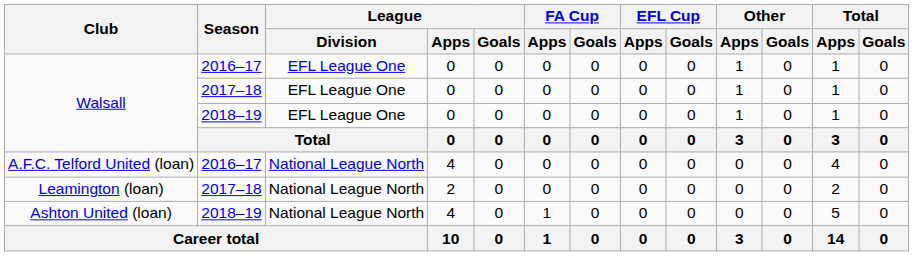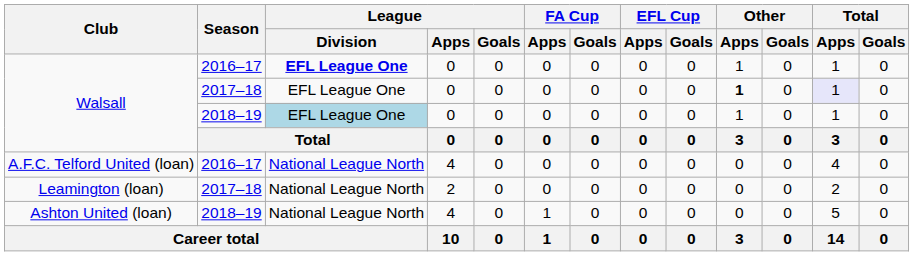 <table class="wikitable" style="text-align:center;">
 <tr>
 <th rowspan="2">Club</th>
 <th rowspan="2">Season</th>
 <th colspan="3">League</th>
 <th colspan="2"><a href='#'>FA Cup</a></th>
 <th colspan="2"><a href='#'>EFL Cup</a></th>
 <th colspan="2">Other</th>
 <th colspan="2">Total</th>
 </tr>
 <tr>
 <th>Division</th>
 <th>Apps</th>
 <th>Goals</th>
 <th>Apps</th>
 <th>Goals</th>
 <th>Apps</th>
 <th>Goals</th>
 <th>Apps</th>
 <th>Goals</th>
 <th>Apps</th>
 <th>Goals</th>
 </tr>
 <tr>
 <td rowspan="4" valign="center"><a href='#'>Walsall</a></td>
 <td><a href='#'>2016–17</a></td>
-<td><a href='#'>EFL League One</a></td>
+<td><strong><a href='#'>EFL League One</a></strong></td>
 <td>0</td>
 <td>0</td>
 <td>0</td>
 <td>0</td>
 <td>0</td>
 <td>0</td>
 <td>1</td>
 <td>0</td>
 <td>1</td>
 <td>0</td>
 </tr>
 <tr>
 <td><a href='#'>2017–18</a></td>
 <td>EFL League One</td>
 <td>0</td>
 <td>0</td>
 <td>0</td>
 <td>0</td>
 <td>0</td>
 <td>0</td>
-<td>1</td>
+<td><strong>1</strong></td>
 <td>0</td>
-<td>1</td>
+<td style="background: lavender;">1</td>
 <td>0</td>
 </tr>
 <tr>
 <td><a href='#'>2018–19</a></td>
-<td>EFL League One</td>
+<td style="background: lightblue;">EFL League One</td>
 <td>0</td>
 <td>0</td>
 <td>0</td>
 <td>0</td>
 <td>0</td>
 <td>0</td>
 <td>1</td>
 <td>0</td>
 <td>1</td>
 <td>0</td>
 </tr>
 <tr>
 <th colspan="2">Total</th>
 <th>0</th>
 <th>0</th>
 <th>0</th>
 <th>0</th>
 <th>0</th>
 <th>0</th>
 <th>3</th>
 <th>0</th>
 <th>3</th>
 <th>0</th>
 </tr>
 <tr>
 <td><a href='#'>A.F.C. Telford United</a> (loan)</td>
 <td><a href='#'>2016–17</a></td>
 <td><a href='#'>National League North</a></td>
 <td>4</td>
 <td>0</td>
 <td>0</td>
 <td>0</td>
 <td>0</td>
 <td>0</td>
 <td>0</td>
 <td>0</td>
 <td>4</td>
 <td>0</td>
 </tr>
 <tr>
 <td><a href='#'>Leamington</a> (loan)</td>
 <td><a href='#'>2017–18</a></td>
 <td>National League North</td>
 <td>2</td>
 <td>0</td>
 <td>0</td>
 <td>0</td>
 <td>0</td>
 <td>0</td>
 <td>0</td>
 <td>0</td>
 <td>2</td>
 <td>0</td>
 </tr>
 <tr>
 <td><a href='#'>Ashton United</a> (loan)</td>
 <td><a href='#'>2018–19</a></td>
 <td>National League North</td>
 <td>4</td>
 <td>0</td>
 <td>1</td>
 <td>0</td>
 <td>0</td>
 <td>0</td>
 <td>0</td>
 <td>0</td>
 <td>5</td>
 <td>0</td>
 </tr>
 <tr>
 <th colspan="3">Career total</th>
 <th>10</th>
 <th>0</th>
 <th>1</th>
 <th>0</th>
 <th>0</th>
 <th>0</th>
 <th>3</th>
 <th>0</th>
 <th>14</th>
 <th>0</th>
 </tr>
 </table>
